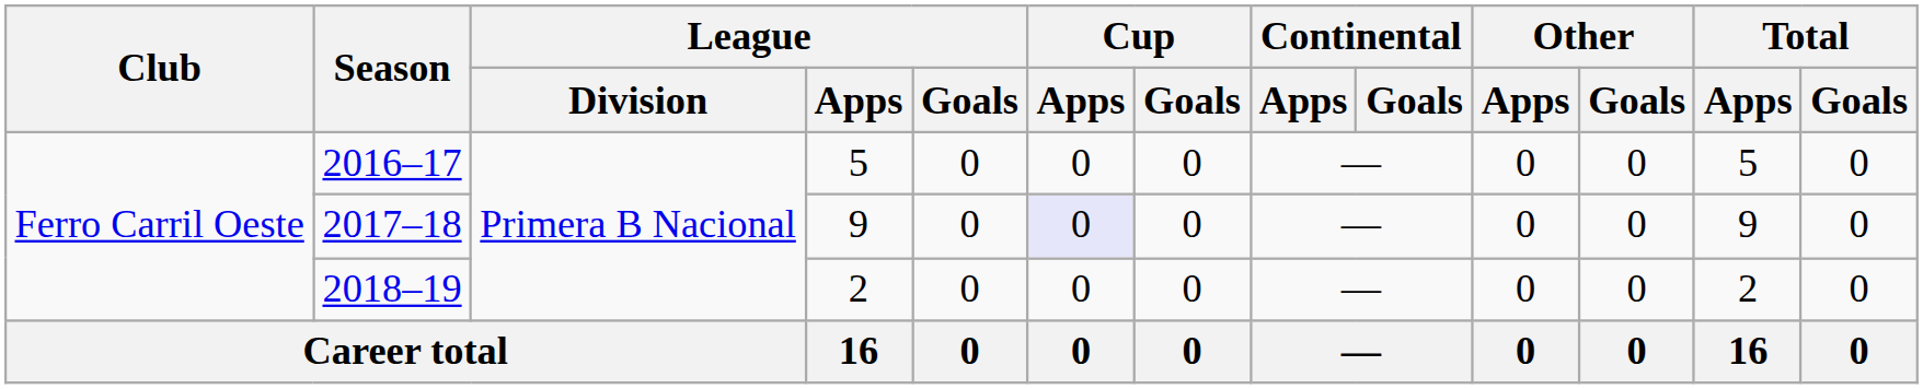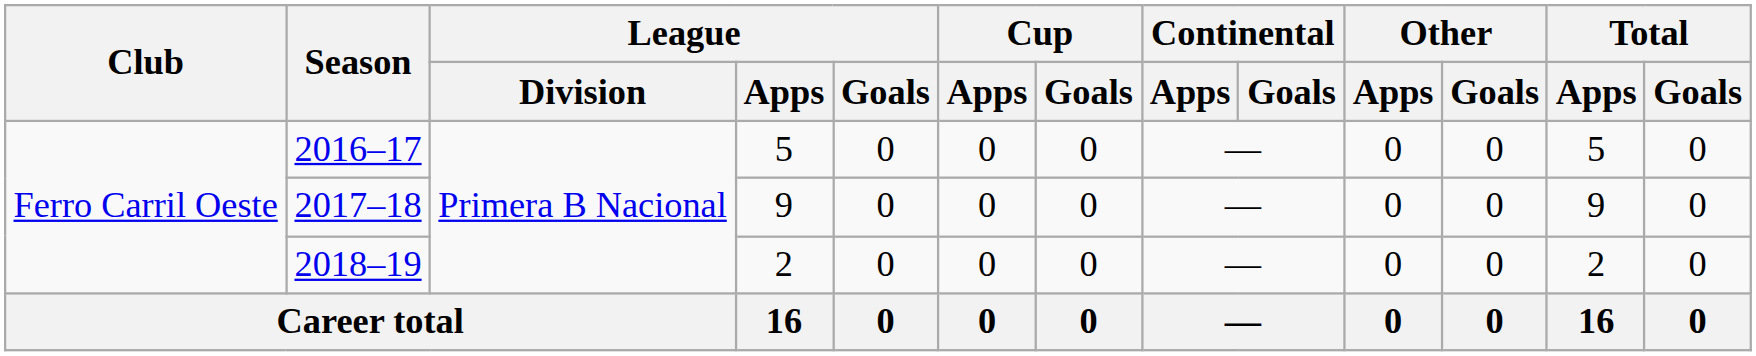 <table class="wikitable" style="text-align:center">
 <tr>
 <th rowspan="2">Club</th>
 <th rowspan="2">Season</th>
 <th colspan="3">League</th>
 <th colspan="2">Cup</th>
 <th colspan="2">Continental</th>
 <th colspan="2">Other</th>
 <th colspan="2">Total</th>
 </tr>
 <tr>
 <th>Division</th>
 <th>Apps</th>
 <th>Goals</th>
 <th>Apps</th>
 <th>Goals</th>
 <th>Apps</th>
 <th>Goals</th>
 <th>Apps</th>
 <th>Goals</th>
 <th>Apps</th>
 <th>Goals</th>
 </tr>
 <tr>
 <td rowspan="3"><a href='#'>Ferro Carril Oeste</a></td>
 <td><a href='#'>2016–17</a></td>
 <td rowspan="3"><a href='#'>Primera B Nacional</a></td>
 <td>5</td>
 <td>0</td>
 <td>0</td>
 <td>0</td>
 <td colspan="2">—</td>
 <td>0</td>
 <td>0</td>
 <td>5</td>
 <td>0</td>
 </tr>
 <tr>
 <td><a href='#'>2017–18</a></td>
 <td>9</td>
 <td>0</td>
-<td style="background: lavender;">0</td>
+<td>0</td>
 <td>0</td>
 <td colspan="2">—</td>
 <td>0</td>
 <td>0</td>
 <td>9</td>
 <td>0</td>
 </tr>
 <tr>
 <td><a href='#'>2018–19</a></td>
 <td>2</td>
 <td>0</td>
 <td>0</td>
 <td>0</td>
 <td colspan="2">—</td>
 <td>0</td>
 <td>0</td>
 <td>2</td>
 <td>0</td>
 </tr>
 <tr>
 <th colspan="3">Career total</th>
 <th>16</th>
 <th>0</th>
 <th>0</th>
 <th>0</th>
 <th colspan="2">—</th>
 <th>0</th>
 <th>0</th>
 <th>16</th>
 <th>0</th>
 </tr>
 </table>
